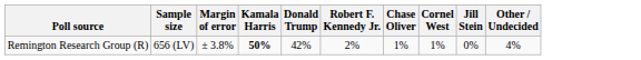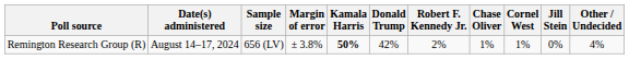 <table class="wikitable sortable mw-datatable" style="font-size:90%;text-align:center;line-height:17px">
 <tr valign=bottom>
 <th>Poll source</th>
+<th>Date(s)<br>administered</th>
 <th>Sample<br>size</th>
 <th>Margin<br>of error</th>
 <th class="unsortable">Kamala<br>Harris<br></th>
 <th class="unsortable">Donald<br>Trump<br></th>
 <th class="unsortable">Robert F.<br>Kennedy Jr.<br></th>
 <th class="unsortable">Chase<br>Oliver<br></th>
 <th class="unsortable">Cornel<br>West<br></th>
 <th class="unsortable">Jill<br>Stein<br></th>
 <th class="unsortable">Other /<br>Undecided</th>
 </tr>
 <tr>
 <td style="text-align:left;">Remington Research Group (R)</td>
+<td>August 14–17, 2024</td>
 <td>656 (LV)</td>
 <td>± 3.8%</td>
 <td style="color:black;background-color:"><strong>50%</strong></td>
 <td>42%</td>
 <td>2%</td>
 <td>1%</td>
 <td>1%</td>
 <td>0%</td>
 <td>4%</td>
 </tr>
 </table>
